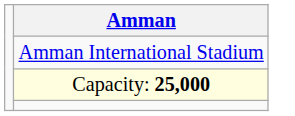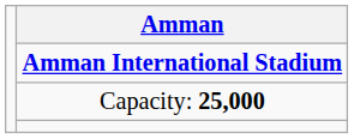 <table class="wikitable" style="text-align:center">
 <tr>
 <td rowspan="5"><br></td>
 <th colspan=3><a href='#'>Amman</a></th>
 </tr>
 <tr>
-<td><a href='#'>Amman International Stadium</a></td>
+<td><strong><a href='#'>Amman International Stadium</a></strong></td>
 </tr>
 <tr>
-<td style="background: lightyellow;">Capacity: <strong>25,000</strong></td>
+<td>Capacity: <strong>25,000</strong></td>
 </tr>
 <tr>
 <td></td>
 </tr>
 </table>
